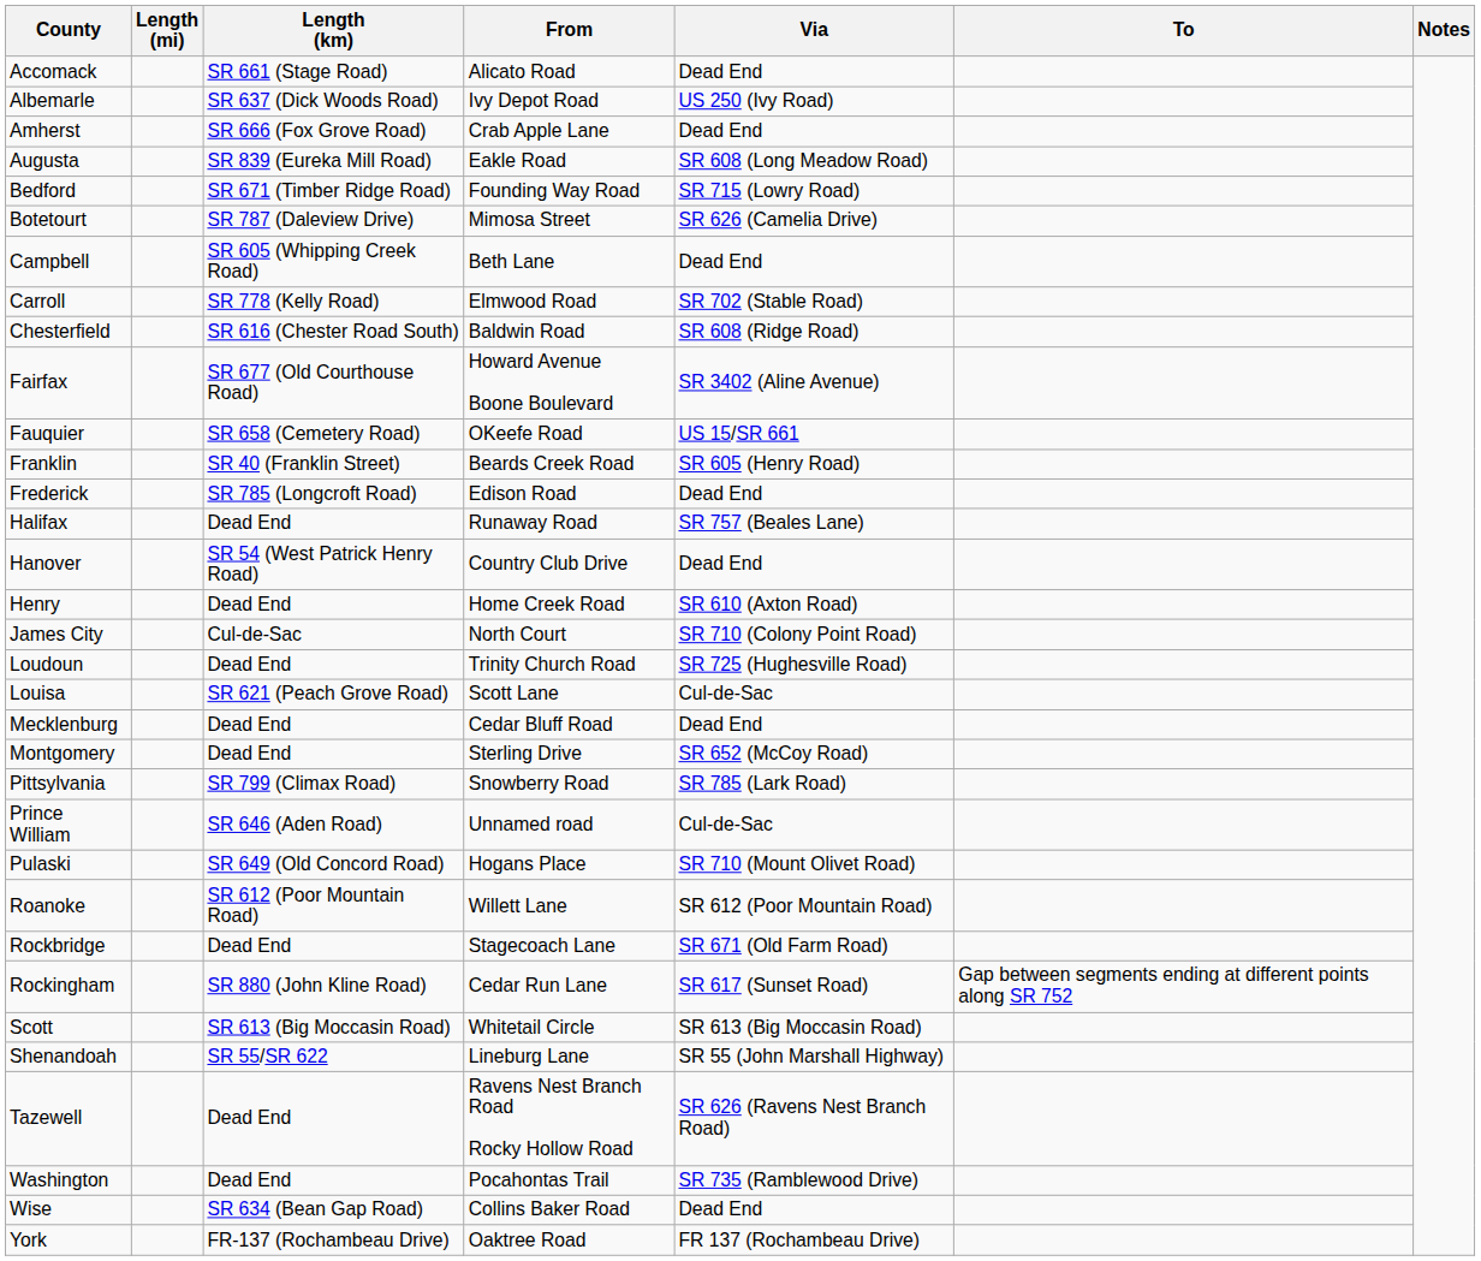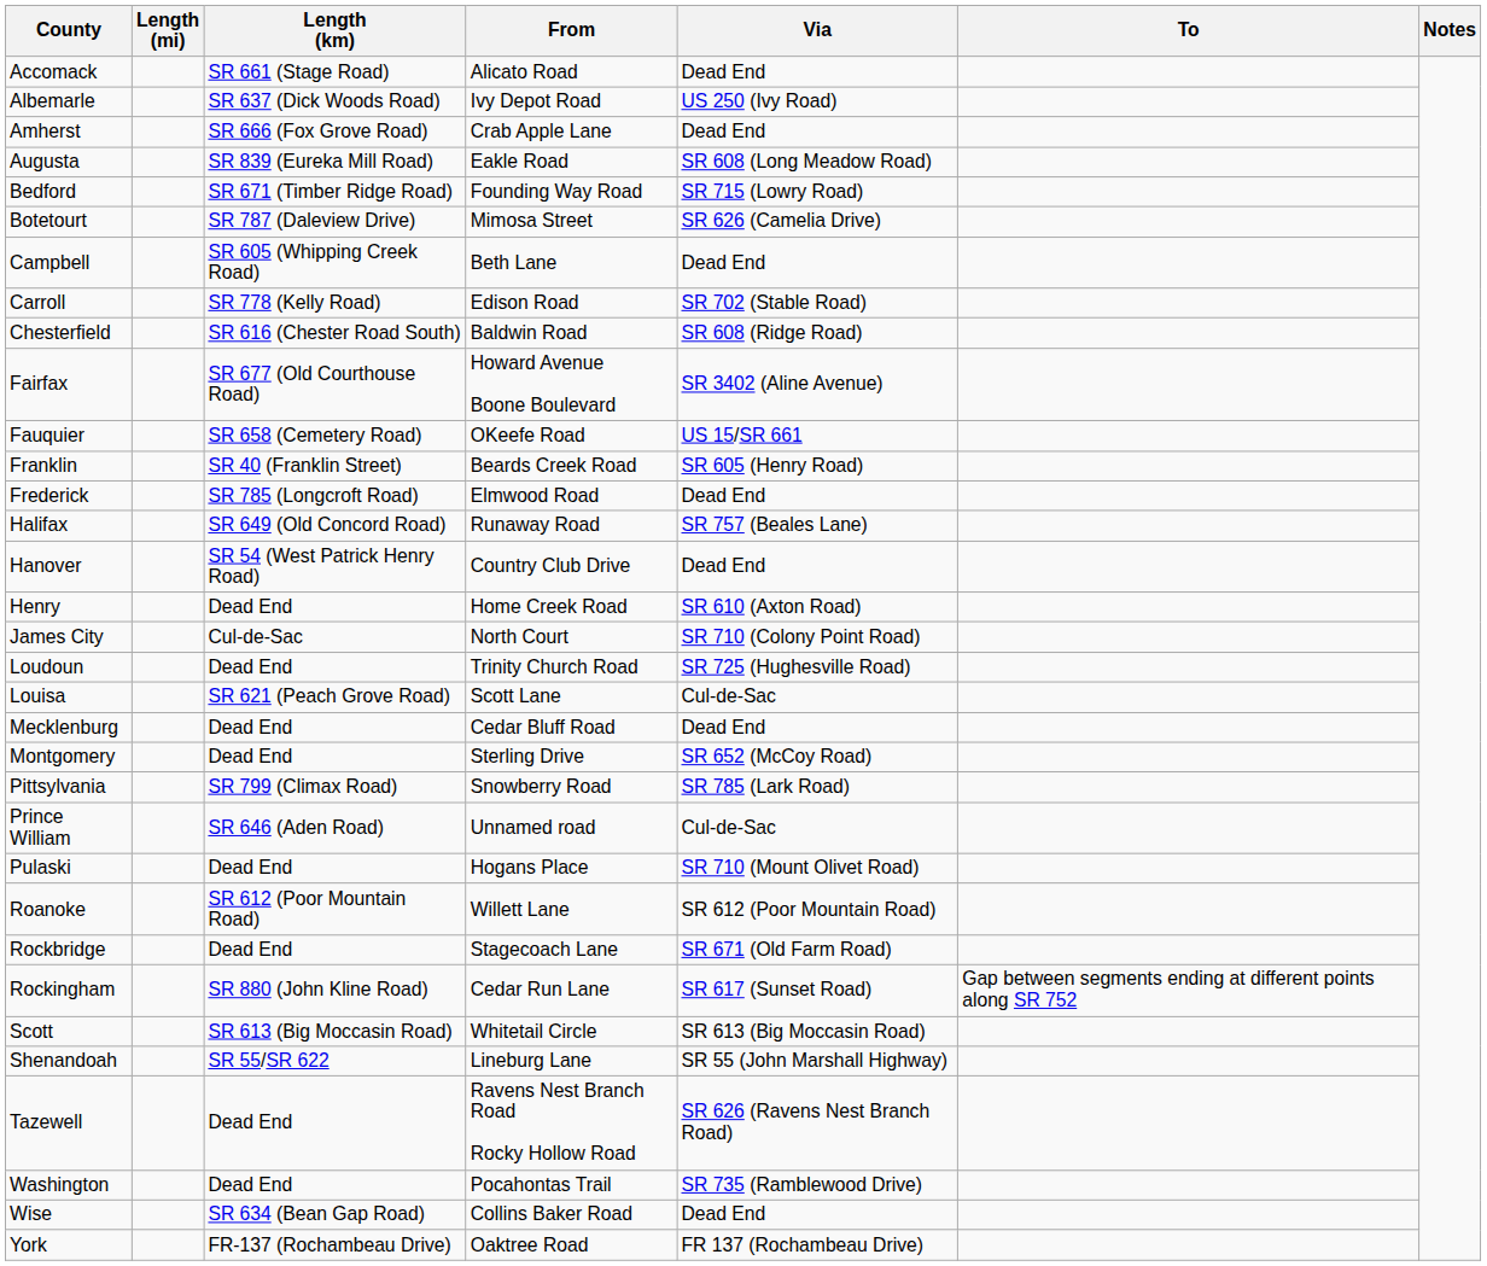 <table class="wikitable sortable">
 <tr>
 <th>County</th>
 <th>Length<br>(mi)</th>
 <th>Length<br>(km)</th>
 <th class="unsortable">From</th>
 <th class="unsortable">Via</th>
 <th class="unsortable">To</th>
 <th class="unsortable">Notes</th>
 </tr>
 <tr>
 <td id="Accomack">Accomack</td>
 <td></td>
 <td><a href='#'>SR 661</a> (Stage Road)</td>
 <td>Alicato Road</td>
 <td>Dead End</td>
 <td></td>
 </tr>
 <tr>
 <td id="Albemarle">Albemarle</td>
 <td></td>
 <td><a href='#'>SR 637</a> (Dick Woods Road)</td>
 <td>Ivy Depot Road</td>
 <td><a href='#'>US 250</a> (Ivy Road)</td>
 <td><br> </td>
 </tr>
 <tr>
 <td id="Amherst">Amherst</td>
 <td></td>
 <td><a href='#'>SR 666</a> (Fox Grove Road)</td>
 <td>Crab Apple Lane</td>
 <td>Dead End</td>
 <td><br> </td>
 </tr>
 <tr>
 <td id="Augusta">Augusta</td>
 <td></td>
 <td><a href='#'>SR 839</a> (Eureka Mill Road)</td>
 <td>Eakle Road</td>
 <td><a href='#'>SR 608</a> (Long Meadow Road)</td>
 <td><br></td>
 </tr>
 <tr>
 <td id="Bedford">Bedford</td>
 <td></td>
 <td><a href='#'>SR 671</a> (Timber Ridge Road)</td>
 <td>Founding Way Road</td>
 <td><a href='#'>SR 715</a> (Lowry Road)</td>
 <td><br></td>
 </tr>
 <tr>
 <td id="Botetourt">Botetourt</td>
 <td></td>
 <td><a href='#'>SR 787</a> (Daleview Drive)</td>
 <td>Mimosa Street</td>
 <td><a href='#'>SR 626</a> (Camelia Drive)</td>
 <td><br>  </td>
 </tr>
 <tr>
 <td id="Campbell">Campbell</td>
 <td></td>
 <td><a href='#'>SR 605</a> (Whipping Creek Road)</td>
 <td>Beth Lane</td>
 <td>Dead End</td>
 <td><br></td>
 </tr>
 <tr>
 <td id="Carroll">Carroll</td>
 <td></td>
 <td><a href='#'>SR 778</a> (Kelly Road)</td>
-<td>Elmwood Road</td>
+<td>Edison Road</td>
 <td><a href='#'>SR 702</a> (Stable Road)</td>
 <td><br> </td>
 </tr>
 <tr>
 <td id="Chesterfield">Chesterfield</td>
 <td></td>
 <td><a href='#'>SR 616</a> (Chester Road South)</td>
 <td>Baldwin Road</td>
 <td><a href='#'>SR 608</a> (Ridge Road)</td>
 <td><br>      </td>
 </tr>
 <tr>
 <td id="Fairfax">Fairfax</td>
 <td></td>
 <td><a href='#'>SR 677</a> (Old Courthouse Road)</td>
 <td>Howard Avenue<br><br>Boone Boulevard</td>
 <td><a href='#'>SR 3402</a> (Aline Avenue)</td>
 <td></td>
 </tr>
 <tr>
 <td id="Fauquier">Fauquier</td>
 <td></td>
 <td><a href='#'>SR 658</a> (Cemetery Road)</td>
 <td>OKeefe Road</td>
 <td><a href='#'>US 15</a>/<a href='#'>SR 661</a></td>
 <td><br> </td>
 </tr>
 <tr>
 <td id="Franklin">Franklin</td>
 <td></td>
 <td><a href='#'>SR 40</a> (Franklin Street)</td>
 <td>Beards Creek Road</td>
 <td><a href='#'>SR 605</a> (Henry Road)</td>
 <td></td>
 </tr>
 <tr>
 <td id="Frederick">Frederick</td>
 <td></td>
 <td><a href='#'>SR 785</a> (Longcroft Road)</td>
-<td>Edison Road</td>
+<td>Elmwood Road</td>
 <td>Dead End</td>
 <td><br>     </td>
 </tr>
 <tr>
 <td id="Halifax">Halifax</td>
 <td></td>
-<td>Dead End</td>
+<td><a href='#'>SR 649</a> (Old Concord Road)</td>
 <td>Runaway Road</td>
 <td><a href='#'>SR 757</a> (Beales Lane)</td>
 <td></td>
 </tr>
 <tr>
 <td id="Hanover">Hanover</td>
 <td></td>
 <td><a href='#'>SR 54</a> (West Patrick Henry Road)</td>
 <td>Country Club Drive</td>
 <td>Dead End</td>
 <td><br></td>
 </tr>
 <tr>
 <td id="Henry">Henry</td>
 <td></td>
 <td>Dead End</td>
 <td>Home Creek Road</td>
 <td><a href='#'>SR 610</a> (Axton Road)</td>
 <td><br> </td>
 </tr>
 <tr>
 <td id="James City">James City</td>
 <td></td>
 <td>Cul-de-Sac</td>
 <td>North Court</td>
 <td><a href='#'>SR 710</a> (Colony Point Road)</td>
 <td><br>    </td>
 </tr>
 <tr>
 <td id="Loudoun">Loudoun</td>
 <td></td>
 <td>Dead End</td>
 <td>Trinity Church Road</td>
 <td><a href='#'>SR 725</a> (Hughesville Road)</td>
 <td></td>
 </tr>
 <tr>
 <td id="Louisa">Louisa</td>
 <td></td>
 <td><a href='#'>SR 621</a> (Peach Grove Road)</td>
 <td>Scott Lane</td>
 <td>Cul-de-Sac</td>
 <td><br>  </td>
 </tr>
 <tr>
 <td id="Mecklenburg">Mecklenburg</td>
 <td></td>
 <td>Dead End</td>
 <td>Cedar Bluff Road</td>
 <td>Dead End</td>
 <td><br></td>
 </tr>
 <tr>
 <td id="Montgomery">Montgomery</td>
 <td></td>
 <td>Dead End</td>
 <td>Sterling Drive</td>
 <td><a href='#'>SR 652</a> (McCoy Road)</td>
 <td><br>       </td>
 </tr>
 <tr>
 <td id="Pittsylvania">Pittsylvania</td>
 <td></td>
 <td><a href='#'>SR 799</a> (Climax Road)</td>
 <td>Snowberry Road</td>
 <td><a href='#'>SR 785</a> (Lark Road)</td>
 <td><br>  </td>
 </tr>
 <tr>
 <td id="Prince William">Prince William</td>
 <td></td>
 <td><a href='#'>SR 646</a> (Aden Road)</td>
 <td>Unnamed road</td>
 <td>Cul-de-Sac</td>
 <td></td>
 </tr>
 <tr>
 <td id="Pulaski">Pulaski</td>
 <td></td>
-<td><a href='#'>SR 649</a> (Old Concord Road)</td>
+<td>Dead End</td>
 <td>Hogans Place</td>
 <td><a href='#'>SR 710</a> (Mount Olivet Road)</td>
 <td><br> </td>
 </tr>
 <tr>
 <td id="Roanoke">Roanoke</td>
 <td></td>
 <td><a href='#'>SR 612</a> (Poor Mountain Road)</td>
 <td>Willett Lane</td>
 <td>SR 612 (Poor Mountain Road)</td>
 <td></td>
 </tr>
 <tr>
 <td id="Rockbridge">Rockbridge</td>
 <td></td>
 <td>Dead End</td>
 <td>Stagecoach Lane</td>
 <td><a href='#'>SR 671</a> (Old Farm Road)</td>
 <td></td>
 </tr>
 <tr>
 <td id="Rockingham">Rockingham</td>
 <td></td>
 <td><a href='#'>SR 880</a> (John Kline Road)</td>
 <td>Cedar Run Lane</td>
 <td><a href='#'>SR 617</a> (Sunset Road)</td>
 <td>Gap between segments ending at different points along <a href='#'>SR 752</a><br></td>
 </tr>
 <tr>
 <td id="Scott">Scott</td>
 <td></td>
 <td><a href='#'>SR 613</a> (Big Moccasin Road)</td>
 <td>Whitetail Circle</td>
 <td>SR 613 (Big Moccasin Road)</td>
 <td></td>
 </tr>
 <tr>
 <td id="Shenandoah">Shenandoah</td>
 <td></td>
 <td><a href='#'>SR 55</a>/<a href='#'>SR 622</a></td>
 <td>Lineburg Lane</td>
 <td>SR 55 (John Marshall Highway)</td>
 <td><br>     </td>
 </tr>
 <tr>
 <td id="Tazewell">Tazewell</td>
 <td></td>
 <td>Dead End</td>
 <td>Ravens Nest Branch Road<br><br>Rocky Hollow Road</td>
 <td><a href='#'>SR 626</a> (Ravens Nest Branch Road)</td>
 <td><br></td>
 </tr>
 <tr>
 <td id="Washington">Washington</td>
 <td></td>
 <td>Dead End</td>
 <td>Pocahontas Trail</td>
 <td><a href='#'>SR 735</a> (Ramblewood Drive)</td>
 <td><br></td>
 </tr>
 <tr>
 <td id="Wise">Wise</td>
 <td></td>
 <td><a href='#'>SR 634</a> (Bean Gap Road)</td>
 <td>Collins Baker Road</td>
 <td>Dead End</td>
 <td><br></td>
 </tr>
 <tr>
 <td id="York">York</td>
 <td></td>
 <td>FR-137 (Rochambeau Drive)</td>
 <td>Oaktree Road</td>
 <td>FR 137 (Rochambeau Drive)</td>
 <td></td>
 </tr>
 </table>
